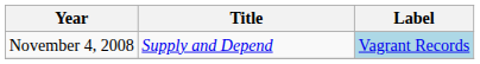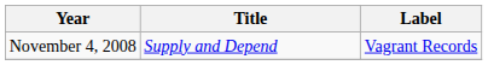 <table class="wikitable">
 <tr>
 <th rowspan="1">Year</th>
 <th width="200" rowspan="1">Title</th>
 <th rowspan="1">Label</th>
 </tr>
 <tr>
 <td>November 4, 2008</td>
 <td><em><a href='#'>Supply and Depend</a></em></td>
-<td style="background: lightblue;"><a href='#'>Vagrant Records</a></td>
+<td><a href='#'>Vagrant Records</a></td>
 </tr>
 <tr>
 </tr>
 </table>
